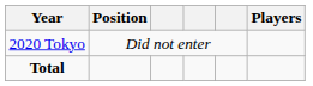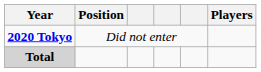 <table class="wikitable" style="text-align: center;">
 <tr>
 <th>Year</th>
 <th>Position</th>
 <th width=25px></th>
 <th width=25px></th>
 <th width=25px></th>
 <th>Players</th>
 </tr>
 <tr>
-<td style="text-align: left;"> <a href='#'>2020 Tokyo</a></td>
+<td style="text-align: left;"><strong> <a href='#'>2020 Tokyo</a></strong></td>
 <td colspan=4><em>Did not enter</em></td>
 <td></td>
 </tr>
 <tr>
-<td><strong>Total</strong></td>
+<td style="background: lightgrey;"><strong>Total</strong></td>
 <td></td>
 <td></td>
 <td></td>
 <td></td>
 <td></td>
 </tr>
 </table>
